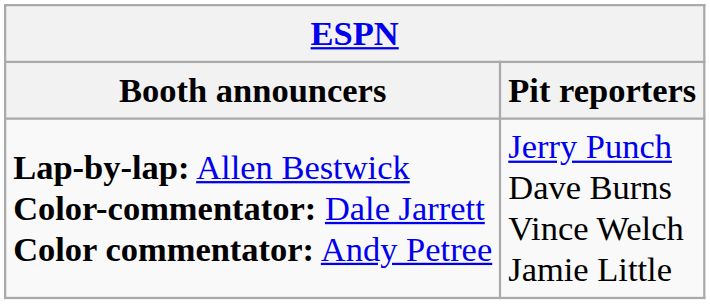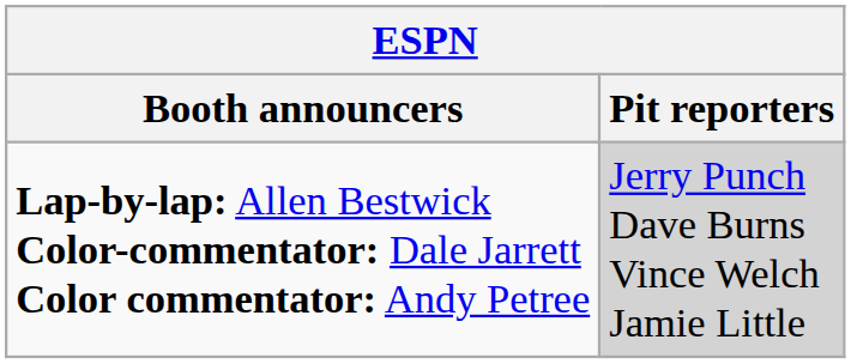 <table class="wikitable" style="font-size: 95%;">
 <tr>
 <th colspan="2"><a href='#'>ESPN</a></th>
 </tr>
 <tr>
 <th>Booth announcers</th>
 <th>Pit reporters</th>
 </tr>
 <tr>
 <td><strong>Lap-by-lap:</strong> <a href='#'>Allen Bestwick</a><br><strong>Color-commentator:</strong> <a href='#'>Dale Jarrett</a><br><strong>Color commentator:</strong> <a href='#'>Andy Petree</a></td>
-<td><a href='#'>Jerry Punch</a><br>Dave Burns<br>Vince Welch<br>Jamie Little</td>
+<td style="background: lightgrey;"><a href='#'>Jerry Punch</a><br>Dave Burns<br>Vince Welch<br>Jamie Little</td>
 </tr>
 </table>
